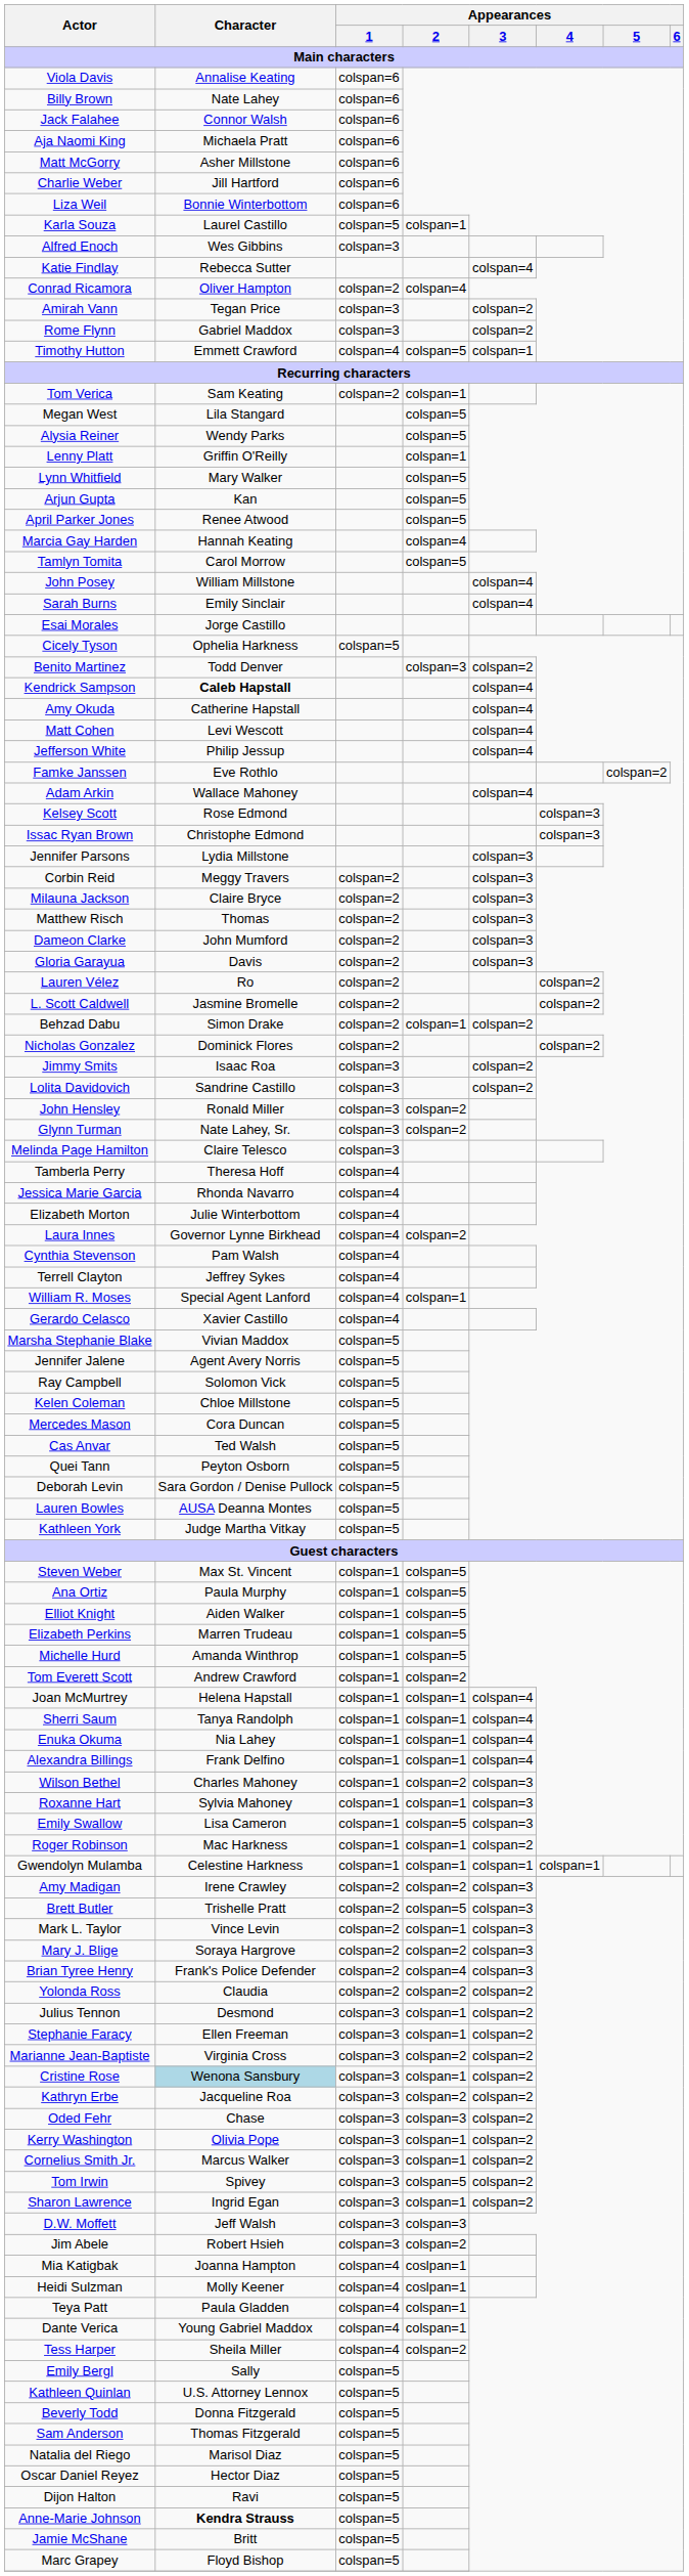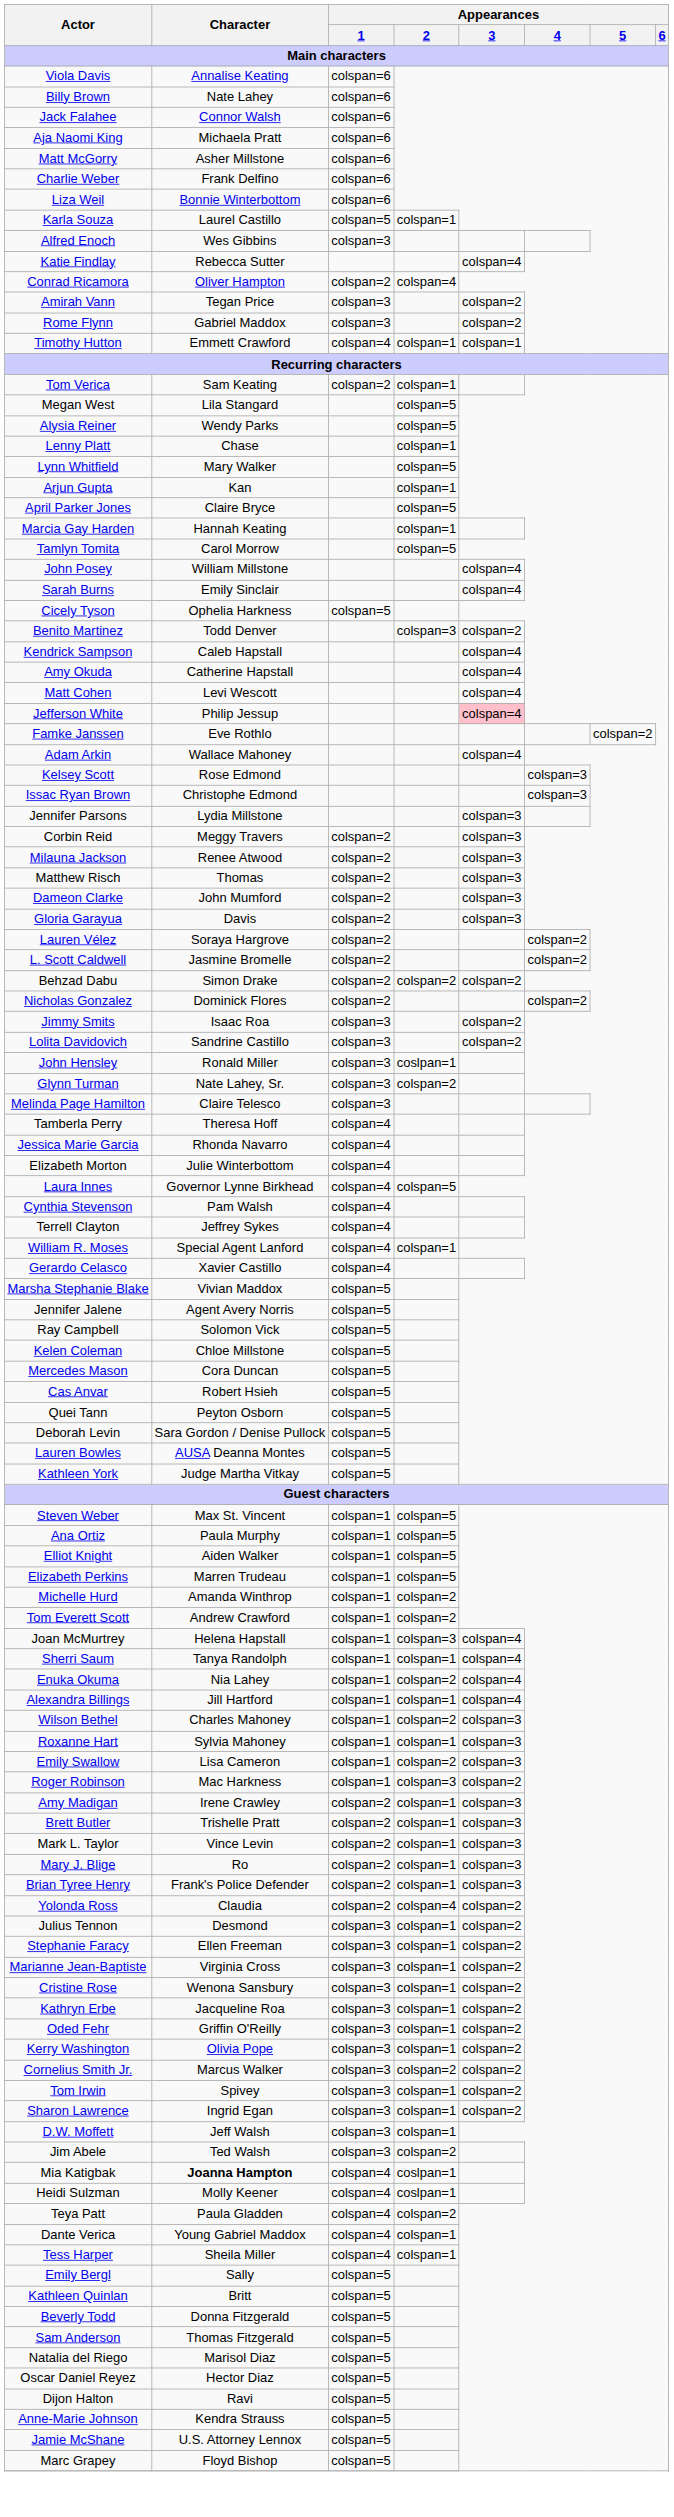 <table class="wikitable" style="text-align:center;" width="auto">
 <tr>
 <th rowspan="2" scope="col">Actor</th>
 <th scope="col" rowspan="2">Character</th>
 <th scope="col" colspan="6">Appearances</th>
 </tr>
 <tr>
 <th scope="col"><a href='#'>1</a></th>
 <th scope="col"><a href='#'>2</a></th>
 <th scope="col"><a href='#'>3</a></th>
 <th scope="col"><a href='#'>4</a></th>
 <th scope="col"><a href='#'>5</a></th>
 <th scope="col"><a href='#'>6</a></th>
 </tr>
 <tr>
 <td colspan="8" style="background-color:#ccccff;"><strong>Main characters</strong></td>
 </tr>
 <tr>
 <td><a href='#'>Viola Davis</a></td>
 <td><a href='#'>Annalise Keating</a></td>
 <td>colspan=6 </td>
 </tr>
 <tr>
 <td><a href='#'>Billy Brown</a></td>
 <td>Nate Lahey</td>
 <td>colspan=6 </td>
 </tr>
 <tr>
 <td><a href='#'>Jack Falahee</a></td>
 <td><a href='#'>Connor Walsh</a></td>
 <td>colspan=6 </td>
 </tr>
 <tr>
 <td><a href='#'>Aja Naomi King</a></td>
 <td>Michaela Pratt</td>
 <td>colspan=6 </td>
 </tr>
 <tr>
 <td><a href='#'>Matt McGorry</a></td>
 <td>Asher Millstone</td>
 <td>colspan=6 </td>
 </tr>
 <tr>
 <td><a href='#'>Charlie Weber</a></td>
-<td>Jill Hartford</td>
+<td>Frank Delfino</td>
 <td>colspan=6 </td>
 </tr>
 <tr>
 <td><a href='#'>Liza Weil</a></td>
 <td><a href='#'>Bonnie Winterbottom</a></td>
 <td>colspan=6 </td>
 </tr>
 <tr>
 <td><a href='#'>Karla Souza</a></td>
 <td>Laurel Castillo</td>
 <td>colspan=5 </td>
 <td>colspan=1 </td>
 </tr>
 <tr>
 <td><a href='#'>Alfred Enoch</a></td>
 <td>Wes Gibbins</td>
 <td>colspan=3 </td>
 <td></td>
 <td></td>
 <td></td>
 </tr>
 <tr>
 <td><a href='#'>Katie Findlay</a></td>
 <td>Rebecca Sutter</td>
 <td></td>
 <td></td>
 <td>colspan=4 </td>
 </tr>
 <tr>
 <td><a href='#'>Conrad Ricamora</a></td>
 <td><a href='#'>Oliver Hampton</a></td>
 <td>colspan=2 </td>
 <td>colspan=4 </td>
 </tr>
 <tr>
 <td><a href='#'>Amirah Vann</a></td>
 <td>Tegan Price</td>
 <td>colspan=3 </td>
 <td></td>
 <td>colspan=2 </td>
 </tr>
 <tr>
 <td><a href='#'>Rome Flynn</a></td>
 <td>Gabriel Maddox</td>
 <td>colspan=3 </td>
 <td></td>
 <td>colspan=2 </td>
 </tr>
 <tr>
 <td><a href='#'>Timothy Hutton</a></td>
 <td>Emmett Crawford</td>
 <td>colspan=4 </td>
-<td>colspan=5 </td>
+<td>colspan=1 </td>
 <td>colspan=1 </td>
 </tr>
 <tr>
 <th colspan="8" style="background-color:#ccccff;">Recurring characters</th>
 </tr>
 <tr>
 <td><a href='#'>Tom Verica</a></td>
 <td>Sam Keating</td>
 <td>colspan=2 </td>
 <td>colspan=1 </td>
 <td></td>
 </tr>
 <tr>
 <td>Megan West</td>
 <td>Lila Stangard</td>
 <td></td>
 <td>colspan=5 </td>
 </tr>
 <tr>
 <td><a href='#'>Alysia Reiner</a></td>
 <td>Wendy Parks</td>
 <td></td>
 <td>colspan=5 </td>
 </tr>
 <tr>
 <td><a href='#'>Lenny Platt</a></td>
-<td>Griffin O'Reilly</td>
+<td>Chase</td>
 <td></td>
 <td>colspan=1 </td>
 </tr>
 <tr>
 <td><a href='#'>Lynn Whitfield</a></td>
 <td>Mary Walker</td>
 <td></td>
 <td>colspan=5 </td>
 </tr>
 <tr>
 <td><a href='#'>Arjun Gupta</a></td>
 <td>Kan</td>
 <td></td>
-<td>colspan=5 </td>
+<td>colspan=1 </td>
 </tr>
 <tr>
 <td><a href='#'>April Parker Jones</a></td>
-<td>Renee Atwood</td>
+<td>Claire Bryce</td>
 <td></td>
 <td>colspan=5 </td>
 </tr>
 <tr>
 <td><a href='#'>Marcia Gay Harden</a></td>
 <td>Hannah Keating</td>
 <td></td>
-<td>colspan=4 </td>
+<td>colspan=1 </td>
 <td></td>
 </tr>
 <tr>
 <td><a href='#'>Tamlyn Tomita</a></td>
 <td>Carol Morrow</td>
 <td></td>
 <td>colspan=5 </td>
 </tr>
 <tr>
 <td><a href='#'>John Posey</a></td>
 <td>William Millstone</td>
 <td></td>
 <td></td>
 <td>colspan=4 </td>
 </tr>
 <tr>
 <td><a href='#'>Sarah Burns</a></td>
 <td>Emily Sinclair</td>
 <td></td>
 <td></td>
 <td>colspan=4 </td>
 </tr>
 <tr>
-<td><a href='#'>Esai Morales</a></td>
-<td>Jorge Castillo</td>
-<td></td>
-<td></td>
-<td></td>
-<td></td>
-<td></td>
-<td></td>
-</tr>
-<tr>
 <td><a href='#'>Cicely Tyson</a></td>
 <td>Ophelia Harkness</td>
 <td>colspan=5 </td>
 <td></td>
 </tr>
 <tr>
 <td><a href='#'>Benito Martinez</a></td>
 <td>Todd Denver</td>
 <td></td>
 <td>colspan=3 </td>
 <td>colspan=2 </td>
 </tr>
 <tr>
 <td><a href='#'>Kendrick Sampson</a></td>
-<td><strong>Caleb Hapstall</strong></td>
+<td>Caleb Hapstall</td>
 <td></td>
 <td></td>
 <td>colspan=4 </td>
 </tr>
 <tr>
 <td><a href='#'>Amy Okuda</a></td>
 <td>Catherine Hapstall</td>
 <td></td>
 <td></td>
 <td>colspan=4 </td>
 </tr>
 <tr>
 <td><a href='#'>Matt Cohen</a></td>
 <td>Levi Wescott</td>
 <td></td>
 <td></td>
 <td>colspan=4 </td>
 </tr>
 <tr>
 <td><a href='#'>Jefferson White</a></td>
 <td>Philip Jessup</td>
 <td></td>
 <td></td>
-<td>colspan=4 </td>
+<td style="background: pink;">colspan=4 </td>
 </tr>
 <tr>
 <td><a href='#'>Famke Janssen</a></td>
 <td>Eve Rothlo</td>
 <td></td>
 <td></td>
 <td></td>
 <td></td>
 <td>colspan=2 </td>
 </tr>
 <tr>
 <td><a href='#'>Adam Arkin</a></td>
 <td>Wallace Mahoney</td>
 <td></td>
 <td></td>
 <td>colspan=4 </td>
 </tr>
 <tr>
 <td><a href='#'>Kelsey Scott</a></td>
 <td>Rose Edmond</td>
 <td></td>
 <td></td>
 <td></td>
 <td>colspan=3 </td>
 </tr>
 <tr>
 <td><a href='#'>Issac Ryan Brown</a></td>
 <td>Christophe Edmond</td>
 <td></td>
 <td></td>
 <td></td>
 <td>colspan=3 </td>
 </tr>
 <tr>
 <td>Jennifer Parsons</td>
 <td>Lydia Millstone</td>
 <td></td>
 <td></td>
 <td>colspan=3 </td>
 <td></td>
 </tr>
 <tr>
 <td>Corbin Reid</td>
 <td>Meggy Travers</td>
 <td>colspan=2 </td>
 <td></td>
 <td>colspan=3 </td>
 </tr>
 <tr>
 <td><a href='#'>Milauna Jackson</a></td>
-<td>Claire Bryce</td>
+<td>Renee Atwood</td>
 <td>colspan=2 </td>
 <td></td>
 <td>colspan=3 </td>
 </tr>
 <tr>
 <td>Matthew Risch</td>
 <td>Thomas</td>
 <td>colspan=2 </td>
 <td></td>
 <td>colspan=3 </td>
 </tr>
 <tr>
 <td><a href='#'>Dameon Clarke</a></td>
 <td>John Mumford</td>
 <td>colspan=2 </td>
 <td></td>
 <td>colspan=3 </td>
 </tr>
 <tr>
 <td><a href='#'>Gloria Garayua</a></td>
 <td>Davis</td>
 <td>colspan=2 </td>
 <td></td>
 <td>colspan=3 </td>
 </tr>
 <tr>
 <td><a href='#'>Lauren Vélez</a></td>
-<td>Ro</td>
+<td>Soraya Hargrove</td>
 <td>colspan=2 </td>
 <td></td>
 <td></td>
 <td>colspan=2 </td>
 </tr>
 <tr>
 <td><a href='#'>L. Scott Caldwell</a></td>
 <td>Jasmine Bromelle</td>
 <td>colspan=2 </td>
 <td></td>
 <td></td>
 <td>colspan=2 </td>
 </tr>
 <tr>
 <td>Behzad Dabu</td>
 <td>Simon Drake</td>
 <td>colspan=2 </td>
-<td>colspan=1 </td>
+<td>colspan=2 </td>
 <td>colspan=2 </td>
 </tr>
 <tr>
 <td><a href='#'>Nicholas Gonzalez</a></td>
 <td>Dominick Flores</td>
 <td>colspan=2 </td>
 <td></td>
 <td></td>
 <td>colspan=2 </td>
 </tr>
 <tr>
 <td><a href='#'>Jimmy Smits</a></td>
 <td>Isaac Roa</td>
 <td>colspan=3 </td>
 <td></td>
 <td>colspan=2 </td>
 </tr>
 <tr>
 <td><a href='#'>Lolita Davidovich</a></td>
 <td>Sandrine Castillo</td>
 <td>colspan=3 </td>
 <td></td>
 <td>colspan=2 </td>
 </tr>
 <tr>
 <td><a href='#'>John Hensley</a></td>
 <td>Ronald Miller</td>
 <td>colspan=3 </td>
-<td>colspan=2 </td>
+<td>coslpan=1 </td>
 <td></td>
 </tr>
 <tr>
 <td><a href='#'>Glynn Turman</a></td>
 <td>Nate Lahey, Sr.</td>
 <td>colspan=3 </td>
 <td>colspan=2 </td>
 <td></td>
 </tr>
 <tr>
 <td><a href='#'>Melinda Page Hamilton</a></td>
 <td>Claire Telesco</td>
 <td>colspan=3 </td>
 <td></td>
 <td></td>
 <td></td>
 </tr>
 <tr>
 <td>Tamberla Perry</td>
 <td>Theresa Hoff</td>
 <td>colspan=4 </td>
 <td></td>
 <td></td>
 </tr>
 <tr>
 <td><a href='#'>Jessica Marie Garcia</a></td>
 <td>Rhonda Navarro</td>
 <td>colspan=4 </td>
 <td></td>
 <td></td>
 </tr>
 <tr>
 <td>Elizabeth Morton</td>
 <td>Julie Winterbottom</td>
 <td>colspan=4 </td>
 <td></td>
 <td></td>
 </tr>
 <tr>
 <td><a href='#'>Laura Innes</a></td>
 <td>Governor Lynne Birkhead</td>
 <td>colspan=4 </td>
-<td>colspan=2 </td>
+<td>colspan=5 </td>
 </tr>
 <tr>
 <td><a href='#'>Cynthia Stevenson</a></td>
 <td>Pam Walsh</td>
 <td>colspan=4 </td>
 <td></td>
 <td></td>
 </tr>
 <tr>
 <td>Terrell Clayton</td>
 <td>Jeffrey Sykes</td>
 <td>colspan=4 </td>
 <td></td>
 <td></td>
 </tr>
 <tr>
 <td><a href='#'>William R. Moses</a></td>
 <td>Special Agent Lanford</td>
 <td>colspan=4 </td>
 <td>colspan=1 </td>
 </tr>
 <tr>
 <td><a href='#'>Gerardo Celasco</a></td>
 <td>Xavier Castillo</td>
 <td>colspan=4 </td>
 <td></td>
 <td></td>
 </tr>
 <tr>
 <td><a href='#'>Marsha Stephanie Blake</a></td>
 <td>Vivian Maddox</td>
 <td>colspan=5 </td>
 <td></td>
 </tr>
 <tr>
 <td>Jennifer Jalene</td>
 <td>Agent Avery Norris</td>
 <td>colspan=5 </td>
 <td></td>
 </tr>
 <tr>
 <td>Ray Campbell</td>
 <td>Solomon Vick</td>
 <td>colspan=5 </td>
 <td></td>
 </tr>
 <tr>
 <td><a href='#'>Kelen Coleman</a></td>
 <td>Chloe Millstone</td>
 <td>colspan=5 </td>
 <td></td>
 </tr>
 <tr>
 <td><a href='#'>Mercedes Mason</a></td>
 <td>Cora Duncan</td>
 <td>colspan=5 </td>
 <td></td>
 </tr>
 <tr>
 <td><a href='#'>Cas Anvar</a></td>
-<td>Ted Walsh</td>
+<td>Robert Hsieh</td>
 <td>colspan=5 </td>
 <td></td>
 </tr>
 <tr>
 <td>Quei Tann</td>
 <td>Peyton Osborn</td>
 <td>colspan=5 </td>
 <td></td>
 </tr>
 <tr>
 <td>Deborah Levin</td>
 <td>Sara Gordon / Denise Pullock</td>
 <td>colspan=5 </td>
 <td></td>
 </tr>
 <tr>
 <td><a href='#'>Lauren Bowles</a></td>
 <td><a href='#'>AUSA</a> Deanna Montes</td>
 <td>colspan=5 </td>
 <td></td>
 </tr>
 <tr>
 <td><a href='#'>Kathleen York</a></td>
 <td>Judge Martha Vitkay</td>
 <td>colspan=5 </td>
 <td></td>
 </tr>
 <tr>
 <th colspan="8" style="background-color:#ccccff;">Guest characters</th>
 </tr>
 <tr>
 <td><a href='#'>Steven Weber</a></td>
 <td>Max St. Vincent</td>
 <td>colspan=1 </td>
 <td>colspan=5 </td>
 </tr>
 <tr>
 <td><a href='#'>Ana Ortiz</a></td>
 <td>Paula Murphy</td>
 <td>colspan=1 </td>
 <td>colspan=5 </td>
 </tr>
 <tr>
 <td><a href='#'>Elliot Knight</a></td>
 <td>Aiden Walker</td>
 <td>colspan=1 </td>
 <td>colspan=5 </td>
 </tr>
 <tr>
 <td><a href='#'>Elizabeth Perkins</a></td>
 <td>Marren Trudeau</td>
 <td>colspan=1 </td>
 <td>colspan=5 </td>
 </tr>
 <tr>
 <td><a href='#'>Michelle Hurd</a></td>
 <td>Amanda Winthrop</td>
 <td>colspan=1 </td>
-<td>colspan=5 </td>
+<td>colspan=2 </td>
 </tr>
 <tr>
 <td><a href='#'>Tom Everett Scott</a></td>
 <td>Andrew Crawford</td>
 <td>colspan=1 </td>
 <td>colspan=2 </td>
 </tr>
 <tr>
 <td>Joan McMurtrey</td>
 <td>Helena Hapstall</td>
 <td>colspan=1 </td>
-<td>colspan=1 </td>
+<td>colspan=3 </td>
 <td>colspan=4 </td>
 </tr>
 <tr>
 <td><a href='#'>Sherri Saum</a></td>
 <td>Tanya Randolph</td>
 <td>colspan=1 </td>
 <td>colspan=1 </td>
 <td>colspan=4 </td>
 </tr>
 <tr>
 <td><a href='#'>Enuka Okuma</a></td>
 <td>Nia Lahey</td>
 <td>colspan=1 </td>
-<td>colspan=1 </td>
+<td>colspan=2 </td>
 <td>colspan=4 </td>
 </tr>
 <tr>
 <td><a href='#'>Alexandra Billings</a></td>
-<td>Frank Delfino</td>
+<td>Jill Hartford</td>
 <td>colspan=1 </td>
 <td>colspan=1 </td>
 <td>colspan=4 </td>
 </tr>
 <tr>
 <td><a href='#'>Wilson Bethel</a></td>
 <td>Charles Mahoney</td>
 <td>colspan=1 </td>
 <td>colspan=2 </td>
 <td>colspan=3 </td>
 </tr>
 <tr>
 <td><a href='#'>Roxanne Hart</a></td>
 <td>Sylvia Mahoney</td>
 <td>colspan=1 </td>
 <td>colspan=1 </td>
 <td>colspan=3 </td>
 </tr>
 <tr>
 <td><a href='#'>Emily Swallow</a></td>
 <td>Lisa Cameron</td>
 <td>colspan=1 </td>
-<td>colspan=5 </td>
+<td>colspan=2 </td>
 <td>colspan=3 </td>
 </tr>
 <tr>
 <td><a href='#'>Roger Robinson</a></td>
 <td>Mac Harkness</td>
 <td>colspan=1 </td>
-<td>colspan=1 </td>
+<td>colspan=3 </td>
 <td>colspan=2 </td>
-</tr>
-<tr>
-<td>Gwendolyn Mulamba</td>
-<td>Celestine Harkness</td>
-<td>colspan=1 </td>
-<td>colspan=1 </td>
-<td>colspan=1 </td>
-<td>colspan=1 </td>
-<td></td>
-<td></td>
 </tr>
 <tr>
 <td><a href='#'>Amy Madigan</a></td>
 <td>Irene Crawley</td>
 <td>colspan=2 </td>
-<td>colspan=2 </td>
+<td>colspan=1 </td>
 <td>colspan=3 </td>
 </tr>
 <tr>
 <td><a href='#'>Brett Butler</a></td>
 <td>Trishelle Pratt</td>
 <td>colspan=2 </td>
-<td>colspan=5 </td>
+<td>colspan=1 </td>
 <td>colspan=3 </td>
 </tr>
 <tr>
 <td>Mark L. Taylor</td>
 <td>Vince Levin</td>
 <td>colspan=2 </td>
 <td>colspan=1 </td>
 <td>colspan=3 </td>
 </tr>
 <tr>
 <td><a href='#'>Mary J. Blige</a></td>
-<td>Soraya Hargrove</td>
+<td>Ro</td>
 <td>colspan=2 </td>
-<td>colspan=2 </td>
+<td>colspan=1 </td>
 <td>colspan=3 </td>
 </tr>
 <tr>
 <td><a href='#'>Brian Tyree Henry</a></td>
 <td>Frank's Police Defender</td>
 <td>colspan=2 </td>
-<td>colspan=4 </td>
+<td>colspan=1 </td>
 <td>colspan=3 </td>
 </tr>
 <tr>
 <td><a href='#'>Yolonda Ross</a></td>
 <td>Claudia</td>
 <td>colspan=2 </td>
-<td>colspan=2 </td>
+<td>colspan=4 </td>
 <td>colspan=2 </td>
 </tr>
 <tr>
 <td>Julius Tennon</td>
 <td>Desmond</td>
 <td>colspan=3 </td>
 <td>colspan=1 </td>
 <td>colspan=2 </td>
 </tr>
 <tr>
 <td><a href='#'>Stephanie Faracy</a></td>
 <td>Ellen Freeman</td>
 <td>colspan=3 </td>
 <td>colspan=1 </td>
 <td>colspan=2 </td>
 </tr>
 <tr>
 <td><a href='#'>Marianne Jean-Baptiste</a></td>
 <td>Virginia Cross</td>
 <td>colspan=3 </td>
-<td>colspan=2 </td>
+<td>colspan=1 </td>
 <td>colspan=2 </td>
 </tr>
 <tr>
 <td><a href='#'>Cristine Rose</a></td>
-<td style="background: lightblue;">Wenona Sansbury</td>
+<td>Wenona Sansbury</td>
 <td>colspan=3 </td>
 <td>colspan=1 </td>
 <td>colspan=2 </td>
 </tr>
 <tr>
 <td><a href='#'>Kathryn Erbe</a></td>
 <td>Jacqueline Roa</td>
 <td>colspan=3 </td>
-<td>colspan=2 </td>
+<td>colspan=1 </td>
 <td>colspan=2 </td>
 </tr>
 <tr>
 <td><a href='#'>Oded Fehr</a></td>
-<td>Chase</td>
+<td>Griffin O'Reilly</td>
 <td>colspan=3 </td>
-<td>colspan=3 </td>
+<td>colspan=1 </td>
 <td>colspan=2 </td>
 </tr>
 <tr>
 <td><a href='#'>Kerry Washington</a></td>
 <td><a href='#'>Olivia Pope</a></td>
 <td>colspan=3 </td>
 <td>colspan=1 </td>
 <td>colspan=2 </td>
 </tr>
 <tr>
 <td><a href='#'>Cornelius Smith Jr.</a></td>
 <td>Marcus Walker</td>
 <td>colspan=3 </td>
-<td>colspan=1 </td>
+<td>colspan=2 </td>
 <td>colspan=2 </td>
 </tr>
 <tr>
 <td><a href='#'>Tom Irwin</a></td>
 <td>Spivey</td>
 <td>colspan=3 </td>
-<td>colspan=5 </td>
+<td>colspan=1 </td>
 <td>colspan=2 </td>
 </tr>
 <tr>
 <td><a href='#'>Sharon Lawrence</a></td>
 <td>Ingrid Egan</td>
 <td>colspan=3 </td>
 <td>colspan=1 </td>
 <td>colspan=2 </td>
 </tr>
 <tr>
 <td><a href='#'>D.W. Moffett</a></td>
 <td>Jeff Walsh</td>
 <td>colspan=3 </td>
-<td>colspan=3 </td>
+<td>colspan=1 </td>
 </tr>
 <tr>
 <td>Jim Abele</td>
-<td>Robert Hsieh</td>
+<td>Ted Walsh</td>
 <td>colspan=3 </td>
 <td>colspan=2 </td>
 <td></td>
 </tr>
 <tr>
 <td>Mia Katigbak</td>
-<td>Joanna Hampton</td>
+<td><strong>Joanna Hampton</strong></td>
 <td>colspan=4 </td>
 <td>coslpan=1 </td>
 <td></td>
 </tr>
 <tr>
 <td>Heidi Sulzman</td>
 <td>Molly Keener</td>
 <td>colspan=4 </td>
 <td>coslpan=1 </td>
 <td></td>
 </tr>
 <tr>
 <td>Teya Patt</td>
 <td>Paula Gladden</td>
 <td>colspan=4 </td>
-<td>colspan=1 </td>
+<td>colspan=2 </td>
 </tr>
 <tr>
 <td>Dante Verica</td>
 <td>Young Gabriel Maddox</td>
 <td>colspan=4 </td>
 <td>colspan=1 </td>
 </tr>
 <tr>
 <td><a href='#'>Tess Harper</a></td>
 <td>Sheila Miller</td>
 <td>colspan=4 </td>
-<td>colspan=2 </td>
+<td>colspan=1 </td>
 </tr>
 <tr>
 <td><a href='#'>Emily Bergl</a></td>
 <td>Sally</td>
 <td>colspan=5 </td>
 <td></td>
 </tr>
 <tr>
 <td><a href='#'>Kathleen Quinlan</a></td>
-<td>U.S. Attorney Lennox</td>
+<td>Britt</td>
 <td>colspan=5 </td>
 <td></td>
 </tr>
 <tr>
 <td><a href='#'>Beverly Todd</a></td>
 <td>Donna Fitzgerald</td>
 <td>colspan=5 </td>
 <td></td>
 </tr>
 <tr>
 <td><a href='#'>Sam Anderson</a></td>
 <td>Thomas Fitzgerald</td>
 <td>colspan=5 </td>
 <td></td>
 </tr>
 <tr>
 <td>Natalia del Riego</td>
 <td>Marisol Diaz</td>
 <td>colspan=5 </td>
 <td></td>
 </tr>
 <tr>
 <td>Oscar Daniel Reyez</td>
 <td>Hector Diaz</td>
 <td>colspan=5 </td>
 <td></td>
 </tr>
 <tr>
 <td>Dijon Halton</td>
 <td>Ravi</td>
 <td>colspan=5 </td>
 <td></td>
 </tr>
 <tr>
 <td><a href='#'>Anne-Marie Johnson</a></td>
-<td><strong>Kendra Strauss</strong></td>
+<td>Kendra Strauss</td>
 <td>colspan=5 </td>
 <td></td>
 </tr>
 <tr>
 <td><a href='#'>Jamie McShane</a></td>
-<td>Britt</td>
+<td>U.S. Attorney Lennox</td>
 <td>colspan=5 </td>
 <td></td>
 </tr>
 <tr>
 <td>Marc Grapey</td>
 <td>Floyd Bishop</td>
 <td>colspan=5 </td>
 <td></td>
 </tr>
 <tr>
 </tr>
 </table>
